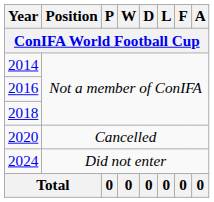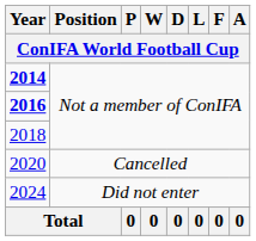 <table class="wikitable" style="text-align: center;">
 <tr>
 <th>Year</th>
 <th>Position</th>
 <th>P</th>
 <th>W</th>
 <th>D</th>
 <th>L</th>
 <th>F</th>
 <th>A</th>
 </tr>
 <tr>
 <th colspan=8><a href='#'>ConIFA World Football Cup</a></th>
 </tr>
 <tr>
-<td> <a href='#'>2014</a></td>
+<td><strong> <a href='#'>2014</a></strong></td>
 <td colspan="7" rowspan="3"><em>Not a member of ConIFA</em></td>
 </tr>
 <tr>
-<td> <a href='#'>2016</a></td>
+<td><strong> <a href='#'>2016</a></strong></td>
 </tr>
 <tr>
 <td> <a href='#'>2018</a></td>
 </tr>
 <tr>
 <td> <a href='#'>2020</a></td>
 <td colspan="7"><em>Cancelled</em></td>
 </tr>
 <tr>
 <td> <a href='#'>2024</a></td>
 <td colspan="7"><em>Did not enter</em></td>
 </tr>
 <tr>
 <th colspan=2>Total</th>
 <th>0</th>
 <th>0</th>
 <th>0</th>
 <th>0</th>
 <th>0</th>
 <th>0</th>
 </tr>
 </table>
